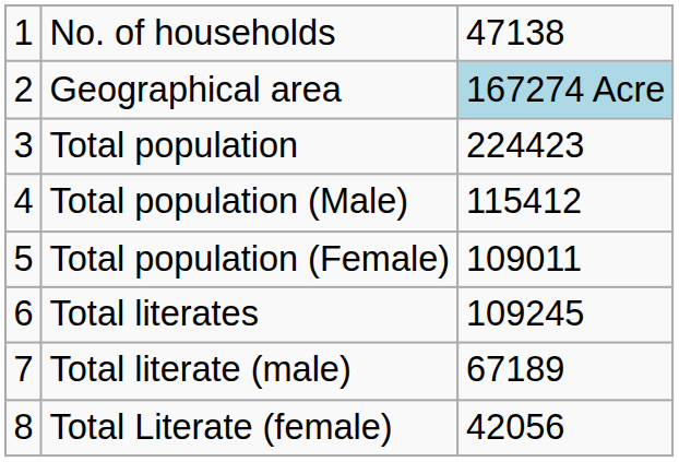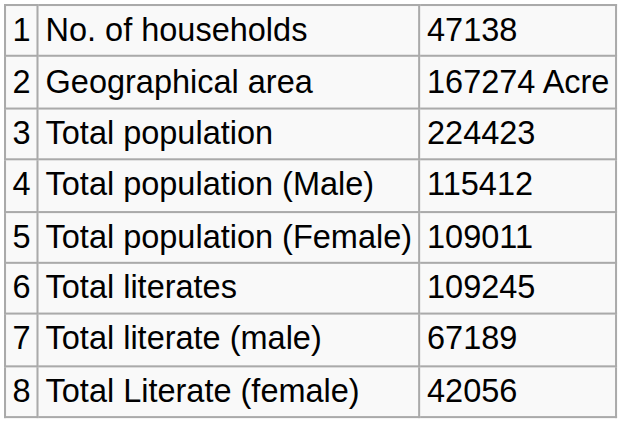 <table class="wikitable">
 <tr>
 <td>1</td>
 <td>No. of households</td>
 <td>47138</td>
 </tr>
 <tr>
 <td>2</td>
 <td>Geographical area</td>
-<td style="background: lightblue;">167274 Acre</td>
+<td>167274 Acre</td>
 </tr>
 <tr>
 <td>3</td>
 <td>Total population</td>
 <td>224423</td>
 </tr>
 <tr>
 <td>4</td>
 <td>Total population (Male)</td>
 <td>115412</td>
 </tr>
 <tr>
 <td>5</td>
 <td>Total population (Female)</td>
 <td>109011</td>
 </tr>
 <tr>
 <td>6</td>
 <td>Total literates</td>
 <td>109245</td>
 </tr>
 <tr>
 <td>7</td>
 <td>Total literate (male)</td>
 <td>67189</td>
 </tr>
 <tr>
 <td>8</td>
 <td>Total Literate (female)</td>
 <td>42056</td>
 </tr>
 </table>
